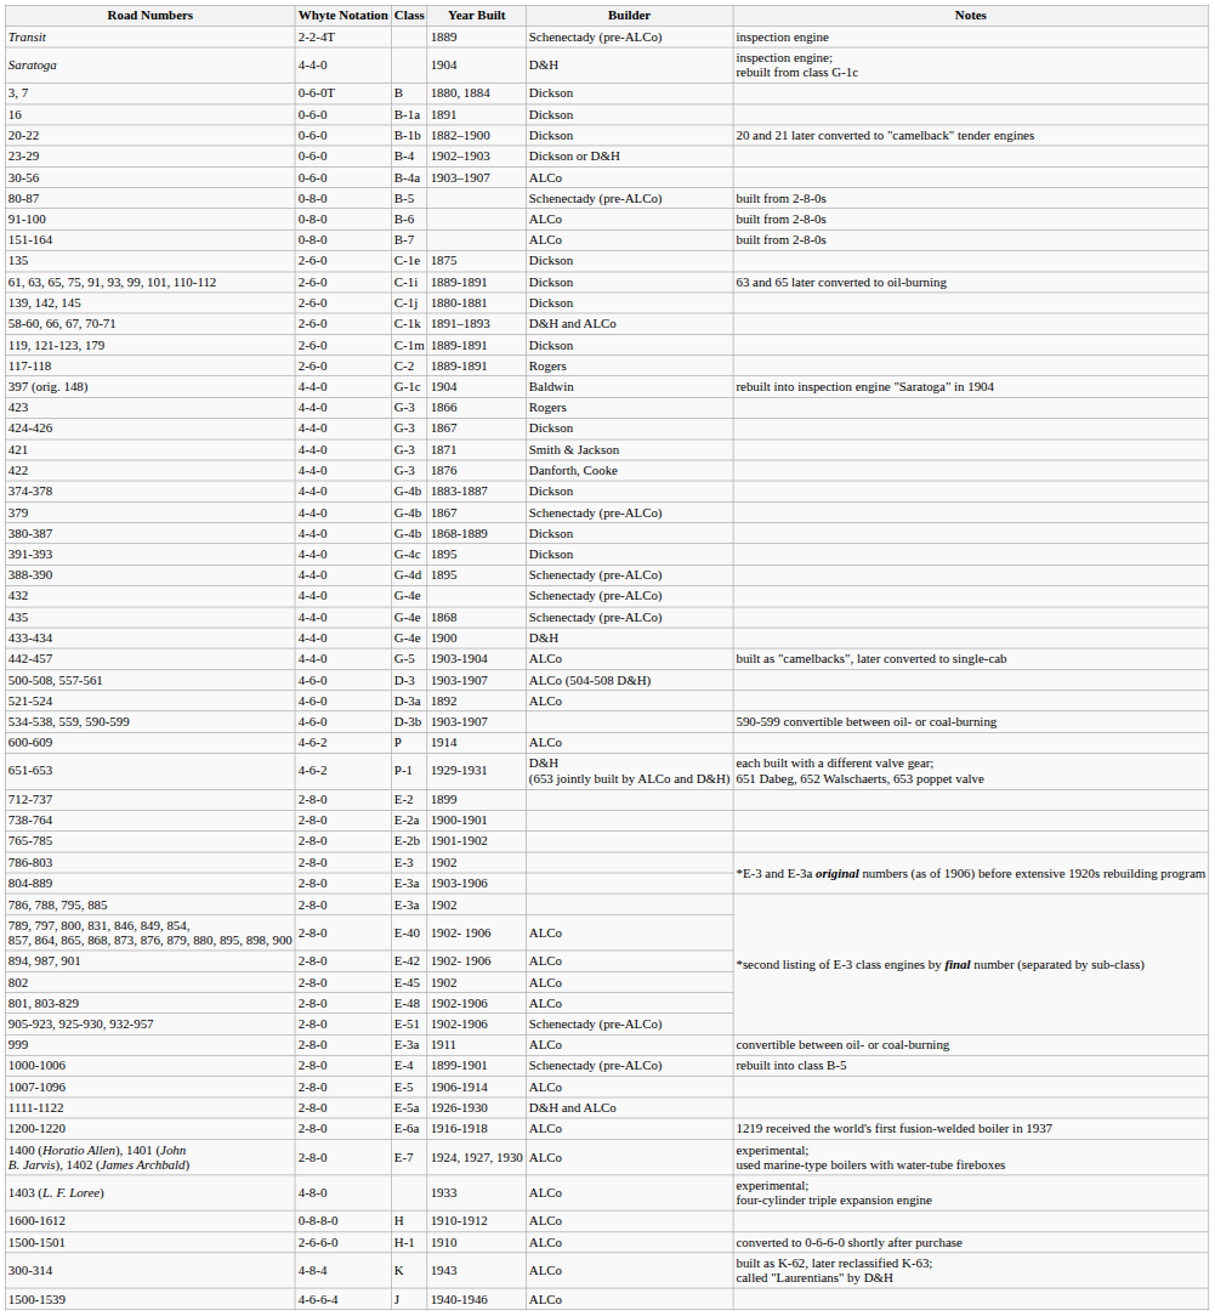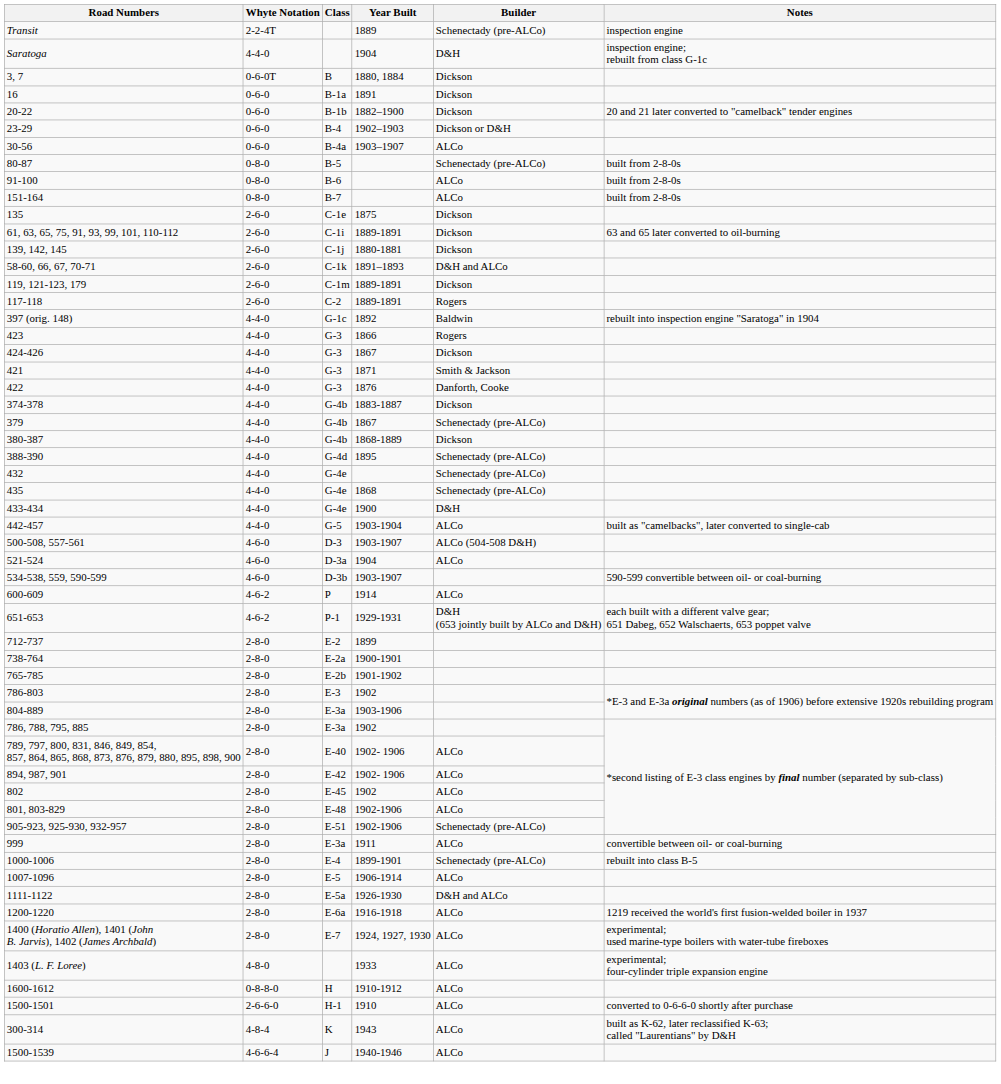 <table class="wikitable">
 <tr>
 <th>Road Numbers</th>
 <th>Whyte Notation</th>
 <th>Class</th>
 <th>Year Built</th>
 <th>Builder</th>
 <th>Notes</th>
 </tr>
 <tr>
 <td><em>Transit</em></td>
 <td>2-2-4T</td>
 <td></td>
 <td>1889</td>
 <td>Schenectady (pre-ALCo)</td>
 <td>inspection engine</td>
 </tr>
 <tr>
 <td><em>Saratoga</em></td>
 <td>4-4-0</td>
 <td></td>
 <td>1904</td>
 <td>D&H</td>
 <td>inspection engine;<br>rebuilt from class G-1c</td>
 </tr>
 <tr>
 <td>3, 7</td>
 <td>0-6-0T</td>
 <td>B</td>
 <td>1880, 1884</td>
 <td>Dickson</td>
 <td></td>
 </tr>
 <tr>
 <td>16</td>
 <td>0-6-0</td>
 <td>B-1a</td>
 <td>1891</td>
 <td>Dickson</td>
 <td></td>
 </tr>
 <tr>
 <td>20-22</td>
 <td>0-6-0</td>
 <td>B-1b</td>
 <td>1882–1900</td>
 <td>Dickson</td>
 <td>20 and 21 later converted to "camelback" tender engines</td>
 </tr>
 <tr>
 <td>23-29</td>
 <td>0-6-0</td>
 <td>B-4</td>
 <td>1902–1903</td>
 <td>Dickson or D&H</td>
 <td></td>
 </tr>
 <tr>
 <td>30-56</td>
 <td>0-6-0</td>
 <td>B-4a</td>
 <td>1903–1907</td>
 <td>ALCo</td>
 <td></td>
 </tr>
 <tr>
 <td>80-87</td>
 <td>0-8-0</td>
 <td>B-5</td>
 <td></td>
 <td>Schenectady (pre-ALCo)</td>
 <td>built from 2-8-0s</td>
 </tr>
 <tr>
 <td>91-100</td>
 <td>0-8-0</td>
 <td>B-6</td>
 <td></td>
 <td>ALCo</td>
 <td>built from 2-8-0s</td>
 </tr>
 <tr>
 <td>151-164</td>
 <td>0-8-0</td>
 <td>B-7</td>
 <td></td>
 <td>ALCo</td>
 <td>built from 2-8-0s</td>
 </tr>
 <tr>
 <td>135</td>
 <td>2-6-0</td>
 <td>C-1e</td>
 <td>1875</td>
 <td>Dickson</td>
 <td></td>
 </tr>
 <tr>
 <td>61, 63, 65, 75, 91, 93, 99, 101, 110-112</td>
 <td>2-6-0</td>
 <td>C-1i</td>
 <td>1889-1891</td>
 <td>Dickson</td>
 <td>63 and 65 later converted to oil-burning</td>
 </tr>
 <tr>
 <td>139, 142, 145</td>
 <td>2-6-0</td>
 <td>C-1j</td>
 <td>1880-1881</td>
 <td>Dickson</td>
 <td></td>
 </tr>
 <tr>
 <td>58-60, 66, 67, 70-71</td>
 <td>2-6-0</td>
 <td>C-1k</td>
 <td>1891–1893</td>
 <td>D&H and ALCo</td>
 <td></td>
 </tr>
 <tr>
 <td>119, 121-123, 179</td>
 <td>2-6-0</td>
 <td>C-1m</td>
 <td>1889-1891</td>
 <td>Dickson</td>
 <td></td>
 </tr>
 <tr>
 <td>117-118</td>
 <td>2-6-0</td>
 <td>C-2</td>
 <td>1889-1891</td>
 <td>Rogers</td>
 <td></td>
 </tr>
 <tr>
 <td>397 (orig. 148)</td>
 <td>4-4-0</td>
 <td>G-1c</td>
-<td>1904</td>
+<td>1892</td>
 <td>Baldwin</td>
 <td>rebuilt into inspection engine "Saratoga" in 1904</td>
 </tr>
 <tr>
 <td>423</td>
 <td>4-4-0</td>
 <td>G-3</td>
 <td>1866</td>
 <td>Rogers</td>
 <td></td>
 </tr>
 <tr>
 <td>424-426</td>
 <td>4-4-0</td>
 <td>G-3</td>
 <td>1867</td>
 <td>Dickson</td>
 <td></td>
 </tr>
 <tr>
 <td>421</td>
 <td>4-4-0</td>
 <td>G-3</td>
 <td>1871</td>
 <td>Smith & Jackson</td>
 <td></td>
 </tr>
 <tr>
 <td>422</td>
 <td>4-4-0</td>
 <td>G-3</td>
 <td>1876</td>
 <td>Danforth, Cooke</td>
 <td></td>
 </tr>
 <tr>
 <td>374-378</td>
 <td>4-4-0</td>
 <td>G-4b</td>
 <td>1883-1887</td>
 <td>Dickson</td>
 <td></td>
 </tr>
 <tr>
 <td>379</td>
 <td>4-4-0</td>
 <td>G-4b</td>
 <td>1867</td>
 <td>Schenectady (pre-ALCo)</td>
 <td></td>
 </tr>
 <tr>
 <td>380-387</td>
 <td>4-4-0</td>
 <td>G-4b</td>
 <td>1868-1889</td>
 <td>Dickson</td>
 <td></td>
 </tr>
 <tr>
-<td>391-393</td>
-<td>4-4-0</td>
-<td>G-4c</td>
-<td>1895</td>
-<td>Dickson</td>
-<td></td>
-</tr>
-<tr>
 <td>388-390</td>
 <td>4-4-0</td>
 <td>G-4d</td>
 <td>1895</td>
 <td>Schenectady (pre-ALCo)</td>
 <td></td>
 </tr>
 <tr>
 <td>432</td>
 <td>4-4-0</td>
 <td>G-4e</td>
 <td></td>
 <td>Schenectady (pre-ALCo)</td>
 <td></td>
 </tr>
 <tr>
 <td>435</td>
 <td>4-4-0</td>
 <td>G-4e</td>
 <td>1868</td>
 <td>Schenectady (pre-ALCo)</td>
 <td></td>
 </tr>
 <tr>
 <td>433-434</td>
 <td>4-4-0</td>
 <td>G-4e</td>
 <td>1900</td>
 <td>D&H</td>
 <td></td>
 </tr>
 <tr>
 <td>442-457</td>
 <td>4-4-0</td>
 <td>G-5</td>
 <td>1903-1904</td>
 <td>ALCo</td>
 <td>built as "camelbacks", later converted to single-cab</td>
 </tr>
 <tr>
 <td>500-508, 557-561</td>
 <td>4-6-0</td>
 <td>D-3</td>
 <td>1903-1907</td>
 <td>ALCo (504-508 D&H)</td>
 <td></td>
 </tr>
 <tr>
 <td>521-524</td>
 <td>4-6-0</td>
 <td>D-3a</td>
-<td>1892</td>
+<td>1904</td>
 <td>ALCo</td>
 <td></td>
 </tr>
 <tr>
 <td>534-538, 559, 590-599</td>
 <td>4-6-0</td>
 <td>D-3b</td>
 <td>1903-1907</td>
 <td></td>
 <td>590-599 convertible between oil- or coal-burning</td>
 </tr>
 <tr>
 <td>600-609</td>
 <td>4-6-2</td>
 <td>P</td>
 <td>1914</td>
 <td>ALCo</td>
 <td></td>
 </tr>
 <tr>
 <td>651-653</td>
 <td>4-6-2</td>
 <td>P-1</td>
 <td>1929-1931</td>
 <td>D&H<br>(653 jointly built by ALCo and D&H)</td>
 <td>each built with a different valve gear;<br>651 Dabeg, 652 Walschaerts, 653 poppet valve</td>
 </tr>
 <tr>
 <td>712-737</td>
 <td>2-8-0</td>
 <td>E-2</td>
 <td>1899</td>
 <td></td>
 <td></td>
 </tr>
 <tr>
 <td>738-764</td>
 <td>2-8-0</td>
 <td>E-2a</td>
 <td>1900-1901</td>
 <td></td>
 <td></td>
 </tr>
 <tr>
 <td>765-785</td>
 <td>2-8-0</td>
 <td>E-2b</td>
 <td>1901-1902</td>
 <td></td>
 <td></td>
 </tr>
 <tr>
 <td>786-803</td>
 <td>2-8-0</td>
 <td>E-3</td>
 <td>1902</td>
 <td></td>
 <td rowspan="2">*E-3 and E-3a <strong><em>original</em></strong> numbers (as of 1906) before extensive 1920s rebuilding program</td>
 </tr>
 <tr>
 <td>804-889</td>
 <td>2-8-0</td>
 <td>E-3a</td>
 <td>1903-1906</td>
 <td></td>
 </tr>
 <tr>
 <td>786, 788, 795, 885</td>
 <td>2-8-0</td>
 <td>E-3a</td>
 <td>1902</td>
 <td></td>
 <td rowspan="6">*second listing of E-3 class engines by <strong><em>final</em></strong> number (separated by sub-class)</td>
 </tr>
 <tr>
 <td>789, 797, 800, 831, 846, 849, 854,<br>857, 864, 865, 868, 873, 876, 879, 880, 895, 898, 900</td>
 <td>2-8-0</td>
 <td>E-40</td>
 <td>1902- 1906</td>
 <td>ALCo</td>
 </tr>
 <tr>
 <td>894, 987, 901</td>
 <td>2-8-0</td>
 <td>E-42</td>
 <td>1902- 1906</td>
 <td>ALCo</td>
 </tr>
 <tr>
 <td>802</td>
 <td>2-8-0</td>
 <td>E-45</td>
 <td>1902</td>
 <td>ALCo</td>
 </tr>
 <tr>
 <td>801, 803-829</td>
 <td>2-8-0</td>
 <td>E-48</td>
 <td>1902-1906</td>
 <td>ALCo</td>
 </tr>
 <tr>
 <td>905-923, 925-930, 932-957</td>
 <td>2-8-0</td>
 <td>E-51</td>
 <td>1902-1906</td>
 <td>Schenectady (pre-ALCo)</td>
 </tr>
 <tr>
 <td>999</td>
 <td>2-8-0</td>
 <td>E-3a</td>
 <td>1911</td>
 <td>ALCo</td>
 <td>convertible between oil- or coal-burning</td>
 </tr>
 <tr>
 <td>1000-1006</td>
 <td>2-8-0</td>
 <td>E-4</td>
 <td>1899-1901</td>
 <td>Schenectady (pre-ALCo)</td>
 <td>rebuilt into class B-5</td>
 </tr>
 <tr>
 <td>1007-1096</td>
 <td>2-8-0</td>
 <td>E-5</td>
 <td>1906-1914</td>
 <td>ALCo</td>
 <td></td>
 </tr>
 <tr>
 <td>1111-1122</td>
 <td>2-8-0</td>
 <td>E-5a</td>
 <td>1926-1930</td>
 <td>D&H and ALCo</td>
 <td></td>
 </tr>
 <tr>
 <td>1200-1220</td>
 <td>2-8-0</td>
 <td>E-6a</td>
 <td>1916-1918</td>
 <td>ALCo</td>
 <td>1219 received the world's first fusion-welded boiler in 1937</td>
 </tr>
 <tr>
 <td>1400 (<em>Horatio Allen</em>), 1401 (<em>John</em><br><em>B. Jarvis</em>), 1402 (<em>James Archbald</em>)</td>
 <td>2-8-0</td>
 <td>E-7</td>
 <td>1924, 1927, 1930</td>
 <td>ALCo</td>
 <td>experimental;<br>used marine-type boilers with water-tube fireboxes</td>
 </tr>
 <tr>
 <td>1403 (<em>L. F. Loree</em>)</td>
 <td>4-8-0</td>
 <td></td>
 <td>1933</td>
 <td>ALCo</td>
 <td>experimental;<br>four-cylinder triple expansion engine</td>
 </tr>
 <tr>
 <td>1600-1612</td>
 <td>0-8-8-0</td>
 <td>H</td>
 <td>1910-1912</td>
 <td>ALCo</td>
 <td></td>
 </tr>
 <tr>
 <td>1500-1501</td>
 <td>2-6-6-0</td>
 <td>H-1</td>
 <td>1910</td>
 <td>ALCo</td>
 <td>converted to 0-6-6-0 shortly after purchase</td>
 </tr>
 <tr>
 <td>300-314</td>
 <td>4-8-4</td>
 <td>K</td>
 <td>1943</td>
 <td>ALCo</td>
 <td>built as K-62, later reclassified K-63;<br>called "Laurentians" by D&H</td>
 </tr>
 <tr>
 <td>1500-1539</td>
 <td>4-6-6-4</td>
 <td>J</td>
 <td>1940-1946</td>
 <td>ALCo</td>
 <td></td>
 </tr>
 </table>
